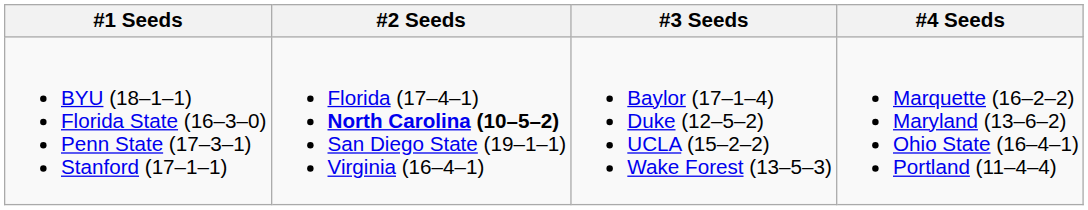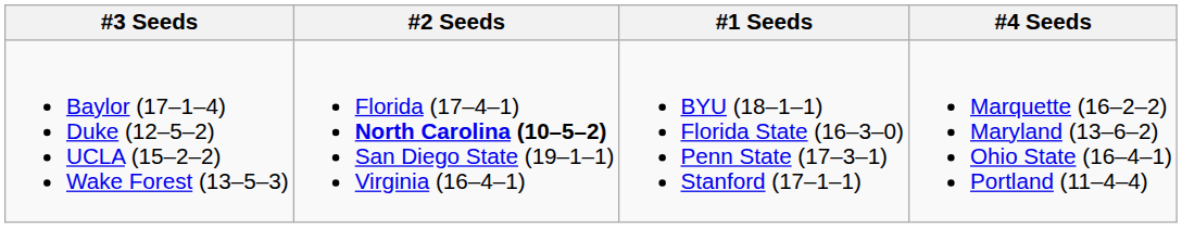 <table class="wikitable">
 <tr>
+<th>#3 Seeds</th>
+<th>#2 Seeds</th>
 <th>#1 Seeds</th>
-<th>#2 Seeds</th>
-<th>#3 Seeds</th>
 <th>#4 Seeds</th>
 </tr>
 <tr>
+<td><br><ul><li><a href='#'>Baylor</a> (17–1–4)</li><li><a href='#'>Duke</a> (12–5–2)</li><li><a href='#'>UCLA</a> (15–2–2)</li><li><a href='#'>Wake Forest</a> (13–5–3)</li></ul></td>
+<td><br><ul><li><a href='#'>Florida</a> (17–4–1)</li><li><strong><a href='#'>North Carolina</a> (10–5–2)</strong></li><li><a href='#'>San Diego State</a> (19–1–1)</li><li><a href='#'>Virginia</a> (16–4–1)</li></ul></td>
 <td><br><ul><li><a href='#'>BYU</a> (18–1–1)</li><li><a href='#'>Florida State</a> (16–3–0)</li><li><a href='#'>Penn State</a> (17–3–1)</li><li><a href='#'>Stanford</a> (17–1–1)</li></ul></td>
-<td><br><ul><li><a href='#'>Florida</a> (17–4–1)</li><li><strong><a href='#'>North Carolina</a> (10–5–2)</strong></li><li><a href='#'>San Diego State</a> (19–1–1)</li><li><a href='#'>Virginia</a> (16–4–1)</li></ul></td>
-<td><br><ul><li><a href='#'>Baylor</a> (17–1–4)</li><li><a href='#'>Duke</a> (12–5–2)</li><li><a href='#'>UCLA</a> (15–2–2)</li><li><a href='#'>Wake Forest</a> (13–5–3)</li></ul></td>
 <td><br><ul><li><a href='#'>Marquette</a> (16–2–2)</li><li><a href='#'>Maryland</a> (13–6–2)</li><li><a href='#'>Ohio State</a> (16–4–1)</li><li><a href='#'>Portland</a> (11–4–4)</li></ul></td>
 </tr>
 </table>
